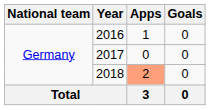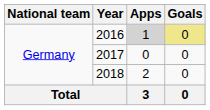 <table class="wikitable" style="text-align:center">
 <tr>
 <th>National team</th>
 <th>Year</th>
 <th>Apps</th>
 <th>Goals</th>
 </tr>
 <tr>
 <td rowspan="3"><a href='#'>Germany</a></td>
 <td>2016</td>
-<td>1</td>
-<td>0</td>
+<td style="background: lightgrey;">1</td>
+<td style="background: khaki;">0</td>
 </tr>
 <tr>
 <td>2017</td>
 <td>0</td>
 <td>0</td>
 </tr>
 <tr>
 <td>2018</td>
-<td style="background: lightsalmon;">2</td>
+<td>2</td>
 <td>0</td>
 </tr>
 <tr>
 <th colspan="2">Total</th>
 <th>3</th>
 <th>0</th>
 </tr>
 </table>
